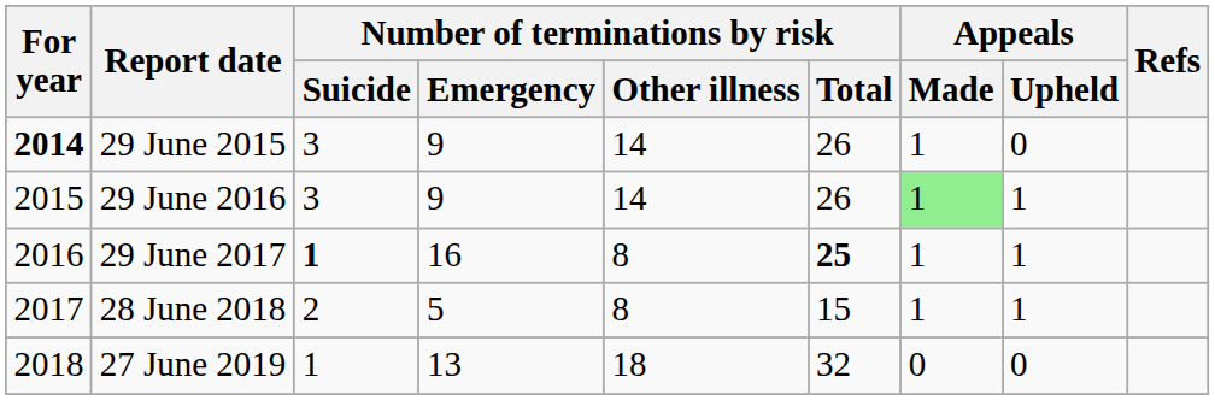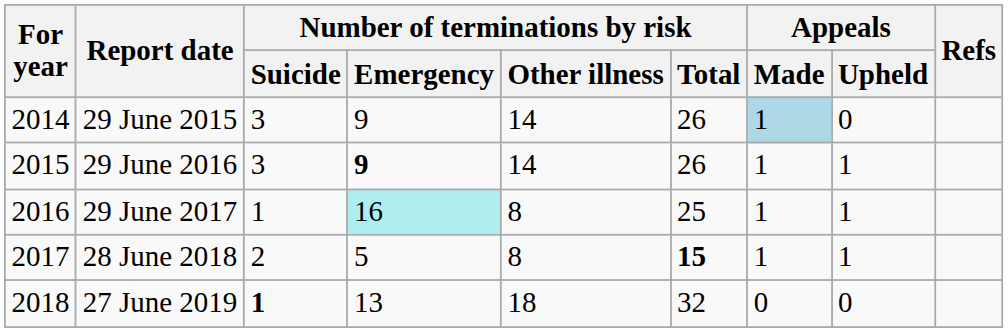 <table class="wikitable sortable">
 <tr>
 <th rowspan=2 data-sort-type=number>For<br>year</th>
 <th rowspan=2 data-sort-type="date">Report date</th>
 <th colspan=4>Number of terminations by risk</th>
 <th colspan=2>Appeals</th>
 <th rowspan=2 class="unsortable">Refs</th>
 </tr>
 <tr>
 <th data-sort-type=number>Suicide</th>
 <th data-sort-type=number>Emergency</th>
 <th data-sort-type=number>Other illness</th>
 <th data-sort-type=number>Total</th>
 <th data-sort-type=number>Made</th>
 <th data-sort-type=number>Upheld</th>
 </tr>
 <tr>
-<td><strong>2014</strong></td>
+<td>2014</td>
 <td>29 June 2015</td>
 <td>3</td>
 <td>9</td>
 <td>14</td>
 <td>26</td>
-<td>1</td>
+<td style="background: lightblue;">1</td>
 <td>0</td>
 <td></td>
 </tr>
 <tr>
 <td>2015</td>
 <td>29 June 2016</td>
 <td>3</td>
-<td>9</td>
+<td><strong>9</strong></td>
 <td>14</td>
 <td>26</td>
-<td style="background: lightgreen;">1</td>
+<td>1</td>
 <td>1</td>
 <td></td>
 </tr>
 <tr>
 <td>2016</td>
 <td>29 June 2017</td>
-<td><strong>1</strong></td>
-<td>16</td>
+<td>1</td>
+<td style="background: paleturquoise;">16</td>
 <td>8</td>
-<td><strong>25</strong></td>
+<td>25</td>
 <td>1</td>
 <td>1</td>
 <td></td>
 </tr>
 <tr>
 <td>2017</td>
 <td>28 June 2018</td>
 <td>2</td>
 <td>5</td>
 <td>8</td>
-<td>15</td>
+<td><strong>15</strong></td>
 <td>1</td>
 <td>1</td>
 <td></td>
 </tr>
 <tr>
 <td>2018</td>
 <td>27 June 2019</td>
-<td>1</td>
+<td><strong>1</strong></td>
 <td>13</td>
 <td>18</td>
 <td>32</td>
 <td>0</td>
 <td>0</td>
 <td></td>
 </tr>
 </table>
